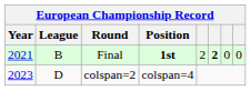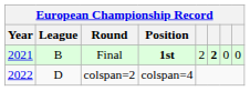 <table class="wikitable" style="text-align: center;">
 <tr>
 <th colspan="8"><a href='#'>European Championship Record</a></th>
 </tr>
 <tr>
 <th>Year</th>
 <th>League</th>
 <th>Round</th>
 <th>Position</th>
 <th></th>
 <th></th>
 <th></th>
 <th></th>
 </tr>
 <tr style="background:#ddffdd;">
 <td><a href='#'>2021</a></td>
 <td>B</td>
 <td>Final</td>
 <td><strong>1st</strong></td>
 <td>2</td>
 <td><strong>2</strong></td>
 <td>0</td>
 <td>0</td>
 </tr>
 <tr>
-<td><a href='#'>2023</a></td>
+<td><a href='#'>2022</a></td>
 <td>D</td>
 <td>colspan=2</td>
 <td>colspan=4</td>
 </tr>
 </table>
